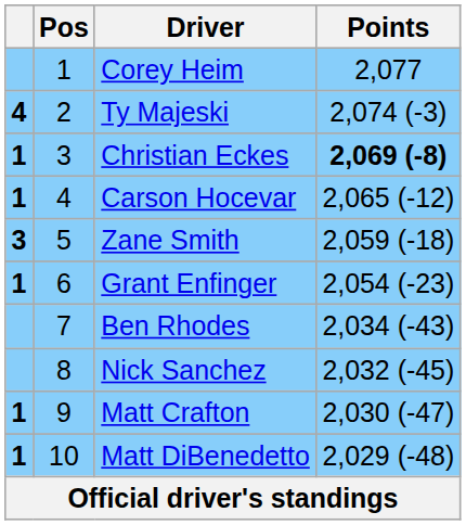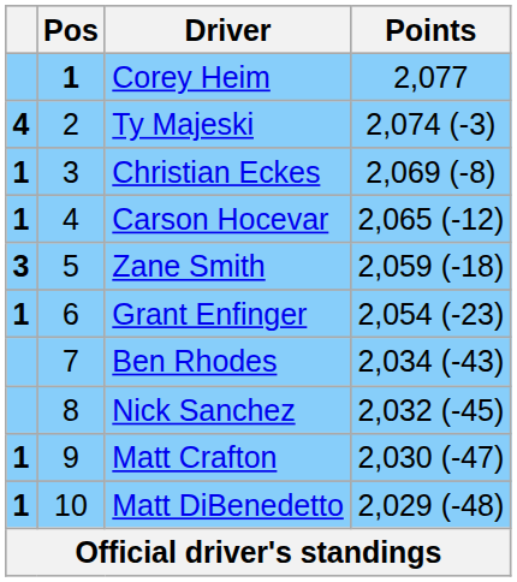 <table class="wikitable" style="font-size: 95%;">
 <tr>
 <th></th>
 <th>Pos</th>
 <th>Driver</th>
 <th>Points</th>
 </tr>
 <tr style="background:#87CEFA;">
 <td align="left"></td>
-<td style="text-align:center;">1</td>
+<td style="text-align:center;"><strong>1</strong></td>
 <td><a href='#'>Corey Heim</a></td>
 <td style="text-align:center;">2,077</td>
 </tr>
 <tr style="background:#87CEFA;">
 <td align="left"> <strong>4</strong></td>
 <td style="text-align:center;">2</td>
 <td><a href='#'>Ty Majeski</a></td>
 <td style="text-align:center;">2,074 (-3)</td>
 </tr>
 <tr style="background:#87CEFA;">
 <td align="left"> <strong>1</strong></td>
 <td style="text-align:center;">3</td>
 <td><a href='#'>Christian Eckes</a></td>
-<td style="text-align:center;"><strong>2,069 (-8)</strong></td>
+<td style="text-align:center;">2,069 (-8)</td>
 </tr>
 <tr style="background:#87CEFA;">
 <td align="left"> <strong>1</strong></td>
 <td style="text-align:center;">4</td>
 <td><a href='#'>Carson Hocevar</a></td>
 <td style="text-align:center;">2,065 (-12)</td>
 </tr>
 <tr style="background:#87CEFA;">
 <td align="left"> <strong>3</strong></td>
 <td style="text-align:center;">5</td>
 <td><a href='#'>Zane Smith</a></td>
 <td style="text-align:center;">2,059 (-18)</td>
 </tr>
 <tr style="background:#87CEFA;">
 <td align="left"> <strong>1</strong></td>
 <td style="text-align:center;">6</td>
 <td><a href='#'>Grant Enfinger</a></td>
 <td style="text-align:center;">2,054 (-23)</td>
 </tr>
 <tr style="background:#87CEFA;">
 <td align="left"></td>
 <td style="text-align:center;">7</td>
 <td><a href='#'>Ben Rhodes</a></td>
 <td style="text-align:center;">2,034 (-43)</td>
 </tr>
 <tr style="background:#87CEFA;">
 <td align="left"></td>
 <td style="text-align:center;">8</td>
 <td><a href='#'>Nick Sanchez</a></td>
 <td style="text-align:center;">2,032 (-45)</td>
 </tr>
 <tr style="background:#87CEFA;">
 <td align="left"> <strong>1</strong></td>
 <td style="text-align:center;">9</td>
 <td><a href='#'>Matt Crafton</a></td>
 <td style="text-align:center;">2,030 (-47)</td>
 </tr>
 <tr style="background:#87CEFA;">
 <td align="left"> <strong>1</strong></td>
 <td style="text-align:center;">10</td>
 <td><a href='#'>Matt DiBenedetto</a></td>
 <td style="text-align:center;">2,029 (-48)</td>
 </tr>
 <tr class="sortbottom">
 <th colspan="9">Official driver's standings</th>
 </tr>
 </table>
